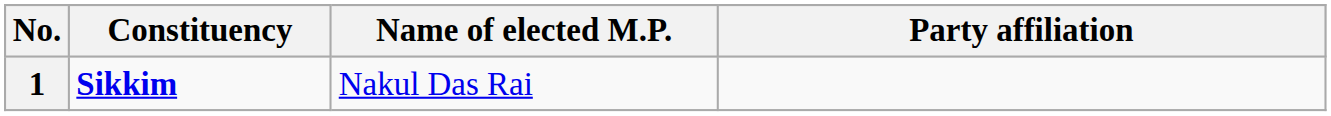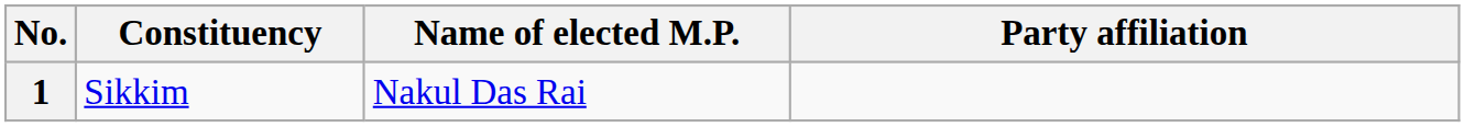 <table class="wikitable">
 <tr style="background:#ccc; text-align:center;">
 <th>No.</th>
 <th style="width:120px">Constituency</th>
 <th style="width:180px">Name of elected M.P.</th>
 <th colspan="2" style="width:18em">Party affiliation</th>
 </tr>
 <tr>
 <th>1</th>
-<td><strong><a href='#'>Sikkim</a></strong></td>
+<td><a href='#'>Sikkim</a></td>
 <td><a href='#'>Nakul Das Rai</a></td>
 <td></td>
 </tr>
 </table>
